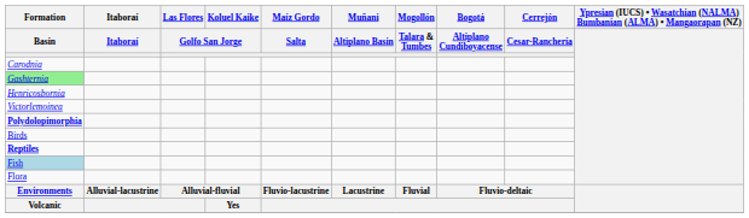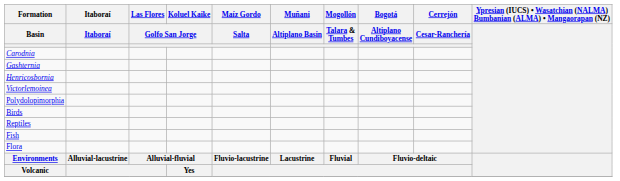 <table class="wikitable" style="font-size: 70%">
 <tr>
 <th>Formation</th>
 <th>Itaboraí</th>
 <th><a href='#'>Las Flores</a></th>
 <th><a href='#'>Koluel Kaike</a></th>
 <th><a href='#'>Maíz Gordo</a></th>
 <th><a href='#'>Muñani</a></th>
 <th><a href='#'>Mogollón</a></th>
 <th><a href='#'>Bogotá</a></th>
 <th><a href='#'>Cerrejón</a></th>
 <th><a href='#'>Ypresian</a> (IUCS) • <a href='#'>Wasatchian</a> (<a href='#'>NALMA</a>)<br><a href='#'>Bumbanian</a> (<a href='#'>ALMA</a>) • <a href='#'>Mangaorapan</a> (NZ)</th>
 </tr>
 <tr>
 <th>Basin</th>
 <th><a href='#'>Itaboraí</a></th>
 <th colspan=2><a href='#'>Golfo San Jorge</a></th>
 <th><a href='#'>Salta</a></th>
 <th><a href='#'>Altiplano Basin</a></th>
 <th><a href='#'>Talara</a> &<br><a href='#'>Tumbes</a></th>
 <th><a href='#'>Altiplano<br>Cundiboyacense</a></th>
 <th><a href='#'>Cesar-Ranchería</a></th>
 <th align=center rowspan=11></th>
 </tr>
 <tr>
 <th></th>
 <th></th>
 <th colspan=3></th>
 <th colspan=2></th>
 <th colspan=2></th>
 </tr>
 <tr>
 <td><em><a href='#'>Carodnia</a></em></td>
 <td align=center></td>
 <td align=center></td>
 <td align=center></td>
 <td align=center></td>
 <td align=center></td>
 <td align=center></td>
 <td align=center></td>
 <td align=center></td>
 </tr>
 <tr>
-<td style="background: lightgreen;"><em><a href='#'>Gashternia</a></em></td>
+<td><em><a href='#'>Gashternia</a></em></td>
 <td align=center></td>
 <td align=center></td>
 <td align=center></td>
 <td align=center></td>
 <td align=center></td>
 <td align=center></td>
 <td align=center></td>
 <td align=center></td>
 </tr>
 <tr>
 <td><em><a href='#'>Henricosbornia</a></em></td>
 <td align=center></td>
 <td align=center></td>
 <td align=center></td>
 <td align=center></td>
 <td align=center></td>
 <td align=center></td>
 <td align=center></td>
 <td align=center></td>
 </tr>
 <tr>
 <td><em><a href='#'>Victorlemoinea</a></em></td>
 <td align=center></td>
 <td align=center></td>
 <td align=center></td>
 <td align=center></td>
 <td align=center></td>
 <td align=center></td>
 <td align=center></td>
 <td align=center></td>
 </tr>
 <tr>
-<td><strong><a href='#'>Polydolopimorphia</a></strong></td>
+<td><a href='#'>Polydolopimorphia</a></td>
 <td align=center></td>
 <td align=center></td>
 <td align=center></td>
 <td align=center></td>
 <td align=center></td>
 <td align=center></td>
 <td align=center></td>
 <td align=center></td>
 </tr>
 <tr>
 <td><a href='#'>Birds</a></td>
 <td align=center></td>
 <td align=center></td>
 <td align=center></td>
 <td align=center></td>
 <td align=center></td>
 <td align=center></td>
 <td align=center></td>
 <td align=center></td>
 </tr>
 <tr>
-<td><strong><a href='#'>Reptiles</a></strong></td>
+<td><a href='#'>Reptiles</a></td>
 <td align=center></td>
 <td align=center></td>
 <td align=center></td>
 <td align=center></td>
 <td align=center></td>
 <td align=center></td>
 <td align=center></td>
 <td align=center></td>
 </tr>
 <tr>
-<td style="background: lightblue;"><a href='#'>Fish</a></td>
+<td><a href='#'>Fish</a></td>
 <td align=center></td>
 <td align=center></td>
 <td align=center></td>
 <td align=center></td>
 <td align=center></td>
 <td align=center></td>
 <td align=center></td>
 <td align=center></td>
 </tr>
 <tr>
 <td><a href='#'>Flora</a></td>
 <td align=center></td>
 <td align=center></td>
 <td align=center></td>
 <td align=center></td>
 <td align=center></td>
 <td align=center></td>
 <td align=center></td>
 <td align=center></td>
 </tr>
 <tr>
 <th><a href='#'>Environments</a></th>
 <th>Alluvial-lacustrine</th>
 <th colspan=2>Alluvial-fluvial</th>
 <th>Fluvio-lacustrine</th>
 <th>Lacustrine</th>
 <th>Fluvial</th>
 <th colspan=2>Fluvio-deltaic</th>
 <th rowspan=2 align=left><br><br></th>
 </tr>
 <tr>
 <th>Volcanic</th>
 <th colspan=2></th>
 <th>Yes</th>
 <th colspan=5></th>
 </tr>
 <tr>
 </tr>
 </table>
